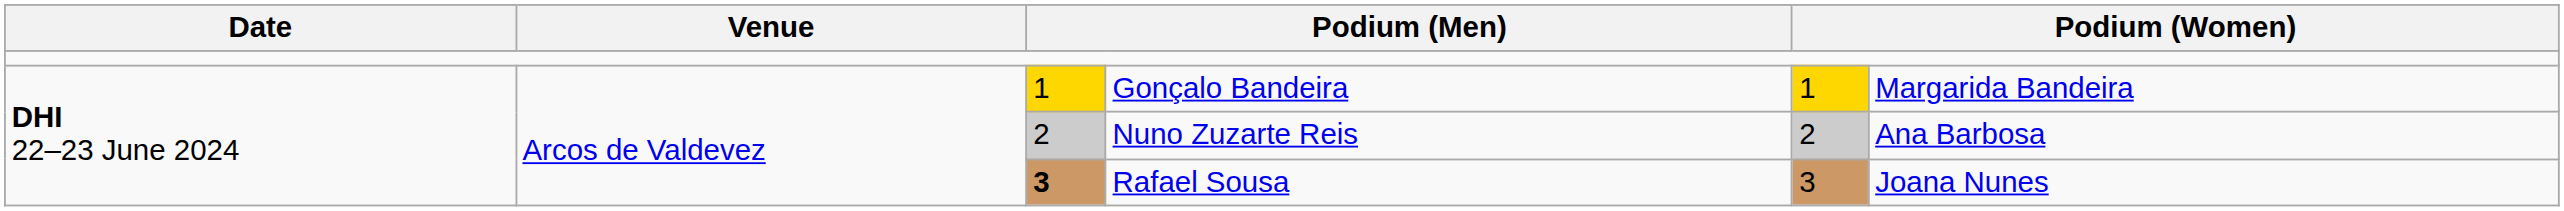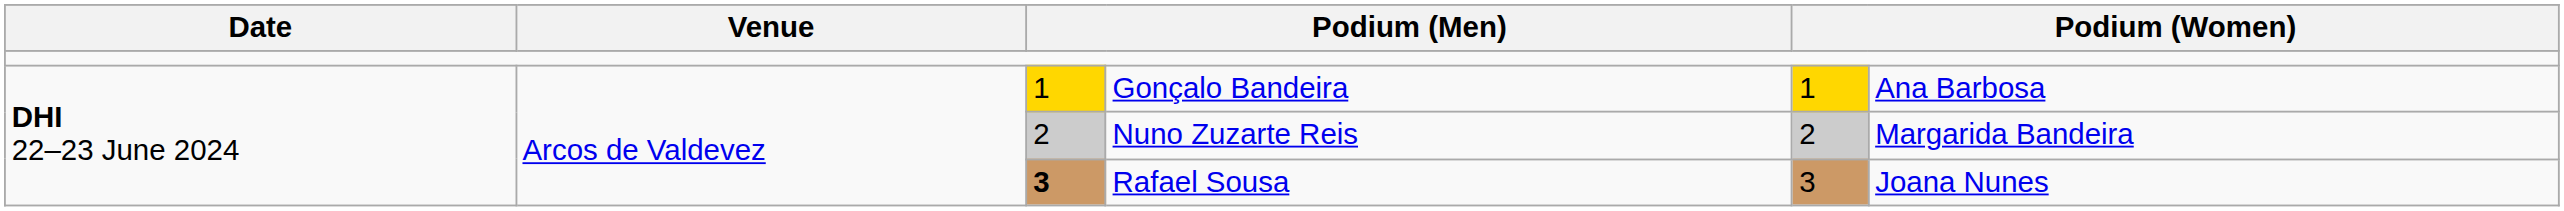 <table class="wikitable" width=70%>
 <tr>
 <th>Date</th>
 <th width=20%>Venue</th>
 <th colspan=2 width=30%>Podium (Men)</th>
 <th colspan=2 width=30%>Podium (Women)</th>
 </tr>
 <tr>
 <td colspan=6></td>
 </tr>
 <tr>
 <td rowspan=3><strong>DHI</strong> <br> 22–23 June 2024</td>
 <td rowspan=3><br><a href='#'>Arcos de Valdevez</a></td>
 <td bgcolor=FFD700>1</td>
 <td><a href='#'>Gonçalo Bandeira</a></td>
 <td bgcolor=FFD700>1</td>
-<td><a href='#'>Margarida Bandeira</a></td>
+<td><a href='#'>Ana Barbosa</a></td>
 </tr>
 <tr>
 <td bgcolor=CCCCCC>2</td>
 <td><a href='#'>Nuno Zuzarte Reis</a></td>
 <td bgcolor=CCCCCC>2</td>
-<td><a href='#'>Ana Barbosa</a></td>
+<td><a href='#'>Margarida Bandeira</a></td>
 </tr>
 <tr>
 <td bgcolor=CC9966><strong>3</strong></td>
 <td><a href='#'>Rafael Sousa</a></td>
 <td bgcolor=CC9966>3</td>
 <td><a href='#'>Joana Nunes</a></td>
 </tr>
 </table>
